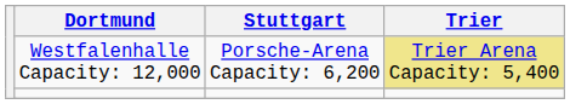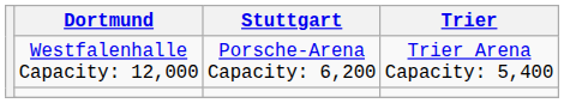 <table class="wikitable" style="text-align:center">
 <tr>
 <th rowspan="4" colspan="2"><br></th>
 <th> <a href='#'>Dortmund</a></th>
 <th> <a href='#'>Stuttgart</a></th>
 <th> <a href='#'>Trier</a></th>
 </tr>
 <tr>
 <td><a href='#'>Westfalenhalle</a><br>Capacity: 12,000</td>
 <td><a href='#'>Porsche-Arena</a><br>Capacity: 6,200</td>
-<td style="background: khaki;"><a href='#'>Trier Arena</a><br>Capacity: 5,400</td>
+<td><a href='#'>Trier Arena</a><br>Capacity: 5,400</td>
 </tr>
 <tr>
 <td></td>
 <td></td>
 <td></td>
 </tr>
 <tr>
 </tr>
 </table>
